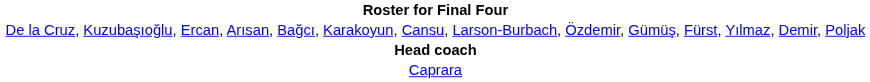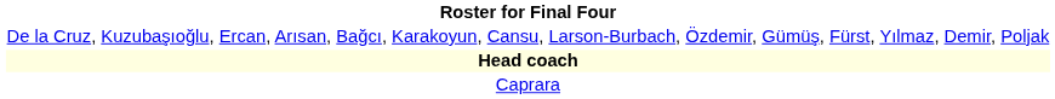 <table style="text-align: center; margin-top: 2em; margin-left: auto; margin-right: auto">
 <tr>
 <td><strong>Roster for Final Four</strong></td>
 </tr>
 <tr>
 <td><a href='#'>De la Cruz</a>, <a href='#'>Kuzubaşıoğlu</a>, <a href='#'>Ercan</a>, <a href='#'>Arısan</a>, <a href='#'>Bağcı</a>, <a href='#'>Karakoyun</a>, <a href='#'>Cansu</a>, <a href='#'>Larson-Burbach</a>, <a href='#'>Özdemir</a>, <a href='#'>Gümüş</a>, <a href='#'>Fürst</a>, <a href='#'>Yılmaz</a>, <a href='#'>Demir</a>, <a href='#'>Poljak</a></td>
 </tr>
 <tr>
-<td><strong>Head coach</strong></td>
+<td style="background: lightyellow;"><strong>Head coach</strong></td>
 </tr>
 <tr>
 <td><a href='#'>Caprara</a></td>
 </tr>
 </table>
